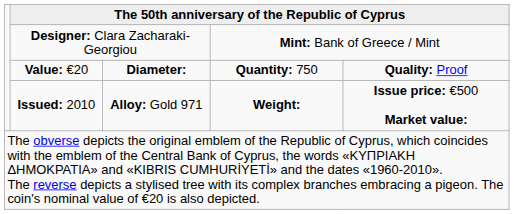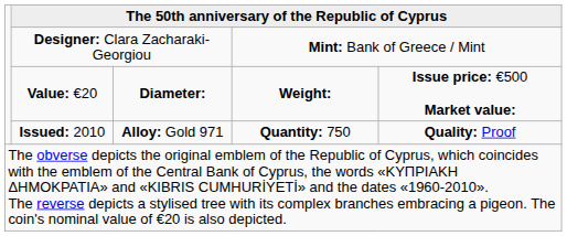 <table class="wikitable" width="100%">
 <tr>
 <td rowspan=4 width="330px" nowrap align=center><br> </td>
 <th colspan="4" align=center style="background:#eeeeee;">The 50th anniversary of the Republic of Cyprus</th>
 </tr>
 <tr>
 <td colspan="2" width="40%" align=center><strong>Designer:</strong> Clara Zacharaki-Georgiou</td>
 <td colspan="2" width="60%" align=center><strong>Mint:</strong> Bank of Greece / Mint</td>
 </tr>
 <tr>
 <td align=center><strong>Value:</strong> €20</td>
 <td align=center><strong>Diameter:</strong> </td>
-<td align=center><strong>Quantity:</strong> 750</td>
-<td align=center><strong>Quality:</strong> <a href='#'>Proof</a></td>
+<td align=center><strong>Weight:</strong> </td>
+<td align=center><strong>Issue price:</strong> €500<br><br><strong>Market value:</strong></td>
 </tr>
 <tr>
 <td align=center><strong>Issued:</strong> 2010</td>
 <td align=center><strong>Alloy:</strong> Gold 971</td>
-<td align=center><strong>Weight:</strong> </td>
-<td align=center><strong>Issue price:</strong> €500<br><br><strong>Market value:</strong></td>
+<td align=center><strong>Quantity:</strong> 750</td>
+<td align=center><strong>Quality:</strong> <a href='#'>Proof</a></td>
 </tr>
 <tr>
 <td colspan="5" align=left>The <a href='#'>obverse</a> depicts the original emblem of the Republic of Cyprus, which coincides with the emblem of the Central Bank of Cyprus, the words «ΚΥΠΡΙΑΚΗ ΔΗΜΟΚΡΑΤΙΑ» and «KIBRIS CUMHURİYETİ» and the dates «1960-2010».<br>The <a href='#'>reverse</a> depicts a stylised tree with its complex branches embracing a pigeon. The coin's nominal value of €20 is also depicted.</td>
 </tr>
 </table>
